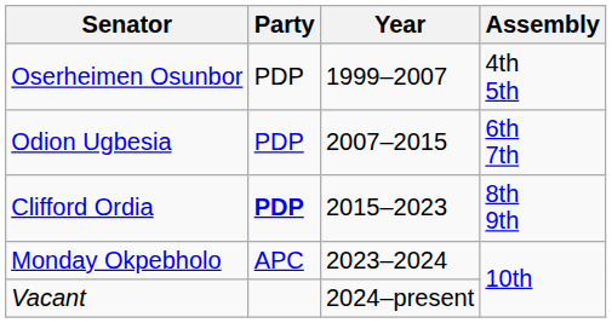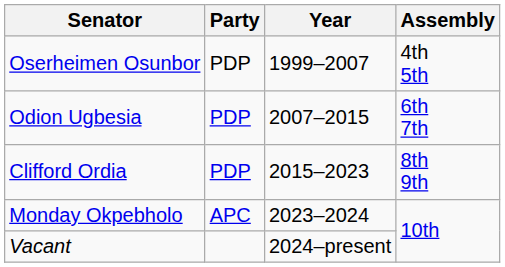 <table class="wikitable">
 <tr>
 <th>Senator</th>
 <th>Party</th>
 <th>Year</th>
 <th>Assembly</th>
 </tr>
 <tr>
 <td><a href='#'>Oserheimen Osunbor</a></td>
 <td>PDP</td>
 <td>1999–2007</td>
 <td>4th<br><a href='#'>5th</a></td>
 </tr>
 <tr>
 <td><a href='#'>Odion Ugbesia</a></td>
 <td><a href='#'>PDP</a></td>
 <td>2007–2015</td>
 <td><a href='#'>6th</a><br><a href='#'>7th</a></td>
 </tr>
 <tr>
 <td><a href='#'>Clifford Ordia</a></td>
-<td><strong><a href='#'>PDP</a></strong></td>
+<td><a href='#'>PDP</a></td>
 <td>2015–2023</td>
 <td><a href='#'>8th</a><br><a href='#'>9th</a></td>
 </tr>
 <tr>
 <td><a href='#'>Monday Okpebholo</a></td>
 <td><a href='#'>APC</a></td>
 <td>2023–2024</td>
 <td rowspan="2"><a href='#'>10th</a></td>
 </tr>
 <tr>
 <td><em>Vacant</em></td>
 <td></td>
 <td>2024–present</td>
 </tr>
 </table>
